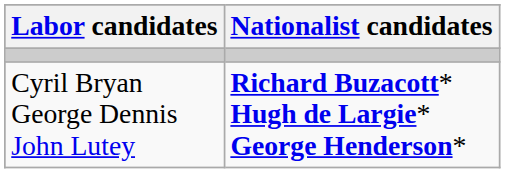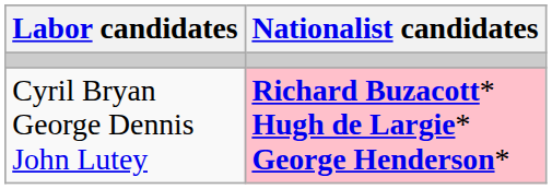 <table class="wikitable">
 <tr>
 <th><a href='#'>Labor</a> candidates</th>
 <th><a href='#'>Nationalist</a> candidates</th>
 </tr>
 <tr bgcolor="#cccccc">
 <td></td>
 <td></td>
 </tr>
 <tr>
 <td>Cyril Bryan<br>George Dennis<br><a href='#'>John Lutey</a></td>
-<td><strong><a href='#'>Richard Buzacott</a></strong>*<br><strong><a href='#'>Hugh de Largie</a></strong>*<br><strong><a href='#'>George Henderson</a></strong>*</td>
+<td style="background: pink;"><strong><a href='#'>Richard Buzacott</a></strong>*<br><strong><a href='#'>Hugh de Largie</a></strong>*<br><strong><a href='#'>George Henderson</a></strong>*</td>
 </tr>
 </table>
